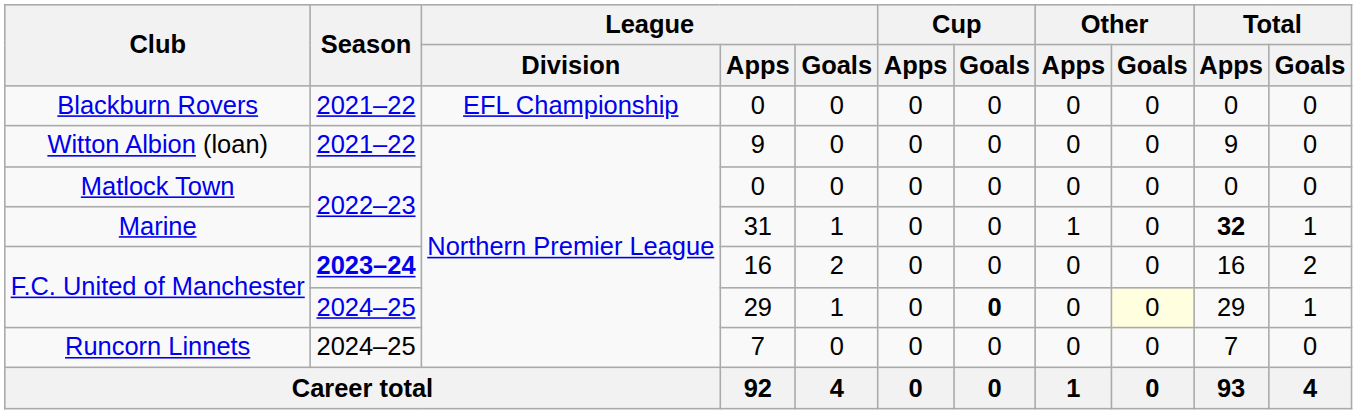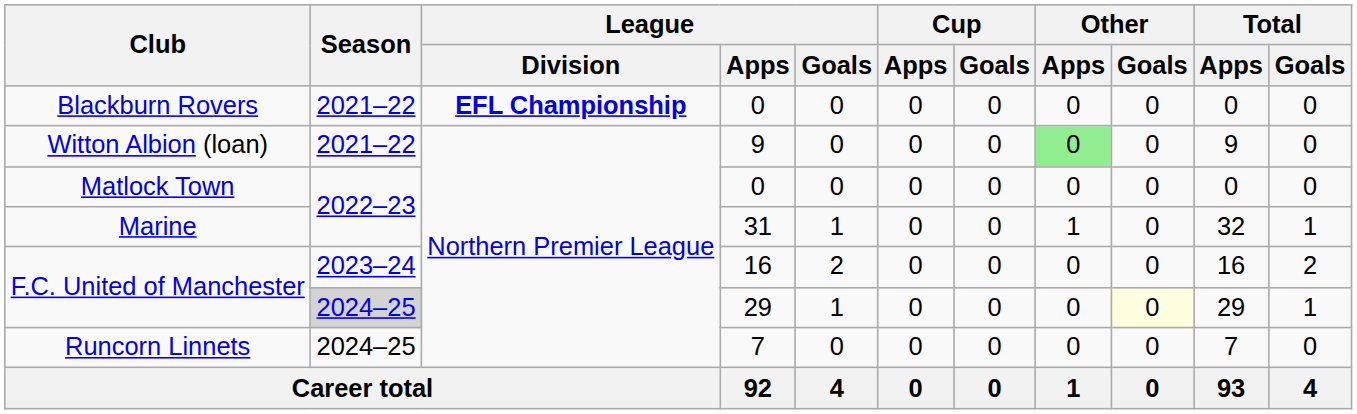 <table class="wikitable" style="text-align: center">
 <tr>
 <th rowspan="2">Club</th>
 <th rowspan="2">Season</th>
 <th colspan="3">League</th>
 <th colspan="2">Cup</th>
 <th colspan="2">Other</th>
 <th colspan="2">Total</th>
 </tr>
 <tr>
 <th>Division</th>
 <th>Apps</th>
 <th>Goals</th>
 <th>Apps</th>
 <th>Goals</th>
 <th>Apps</th>
 <th>Goals</th>
 <th>Apps</th>
 <th>Goals</th>
 </tr>
 <tr>
 <td><a href='#'>Blackburn Rovers</a></td>
 <td><a href='#'>2021–22</a></td>
-<td><a href='#'>EFL Championship</a></td>
+<td><strong><a href='#'>EFL Championship</a></strong></td>
 <td>0</td>
 <td>0</td>
 <td>0</td>
 <td>0</td>
 <td>0</td>
 <td>0</td>
 <td>0</td>
 <td>0</td>
 </tr>
 <tr>
 <td><a href='#'>Witton Albion</a> (loan)</td>
 <td><a href='#'>2021–22</a></td>
 <td rowspan="6"><a href='#'>Northern Premier League</a></td>
 <td>9</td>
 <td>0</td>
 <td>0</td>
 <td>0</td>
-<td>0</td>
+<td style="background: lightgreen;">0</td>
 <td>0</td>
 <td>9</td>
 <td>0</td>
 </tr>
 <tr>
 <td><a href='#'>Matlock Town</a></td>
 <td rowspan="2"><a href='#'>2022–23</a></td>
 <td>0</td>
 <td>0</td>
 <td>0</td>
 <td>0</td>
 <td>0</td>
 <td>0</td>
 <td>0</td>
 <td>0</td>
 </tr>
 <tr>
 <td><a href='#'>Marine</a></td>
 <td>31</td>
 <td>1</td>
 <td>0</td>
 <td>0</td>
 <td>1</td>
 <td>0</td>
-<td><strong>32</strong></td>
+<td>32</td>
 <td>1</td>
 </tr>
 <tr>
 <td rowspan="2"><a href='#'>F.C. United of Manchester</a></td>
-<td rowspan="1"><strong><a href='#'>2023–24</a></strong></td>
+<td rowspan="1"><a href='#'>2023–24</a></td>
 <td>16</td>
 <td>2</td>
 <td>0</td>
 <td>0</td>
 <td>0</td>
 <td>0</td>
 <td>16</td>
 <td>2</td>
 </tr>
 <tr>
-<td rowspan="1"><a href='#'>2024–25</a></td>
+<td rowspan="1" style="background: lightgrey;"><a href='#'>2024–25</a></td>
 <td>29</td>
 <td>1</td>
 <td>0</td>
-<td><strong>0</strong></td>
+<td>0</td>
 <td>0</td>
 <td style="background: lightyellow;">0</td>
 <td>29</td>
 <td>1</td>
 </tr>
 <tr>
 <td rowspan="1"><a href='#'>Runcorn Linnets</a></td>
 <td rowspan="1">2024–25</td>
 <td>7</td>
 <td>0</td>
 <td>0</td>
 <td>0</td>
 <td>0</td>
 <td>0</td>
 <td>7</td>
 <td>0</td>
 </tr>
 <tr>
 <th colspan="3"><strong>Career total</strong></th>
 <th>92</th>
 <th>4</th>
 <th>0</th>
 <th>0</th>
 <th>1</th>
 <th>0</th>
 <th>93</th>
 <th>4</th>
 </tr>
 </table>
